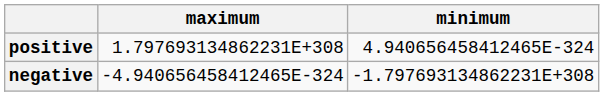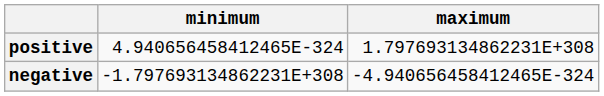 <table class="wikitable" style="text-align:right;font-family:monospace;">
 <tr>
 <th></th>
+<th>minimum</th>
 <th>maximum</th>
-<th>minimum</th>
 </tr>
 <tr>
 <th>positive</th>
+<td>4.940656458412465E-324</td>
 <td>1.797693134862231E+308</td>
-<td>4.940656458412465E-324</td>
 </tr>
 <tr>
 <th>negative</th>
+<td>-1.797693134862231E+308</td>
 <td>-4.940656458412465E-324</td>
-<td>-1.797693134862231E+308</td>
 </tr>
 </table>
